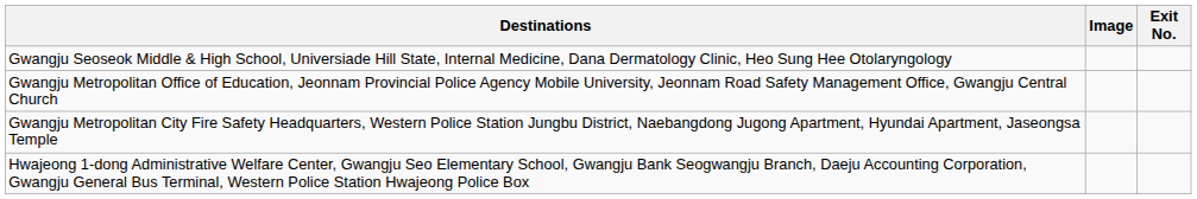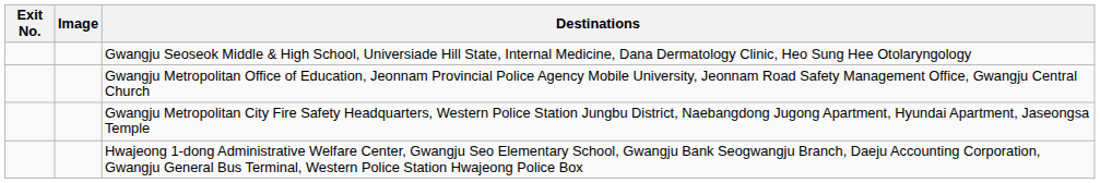 <table class="wikitable">
 <tr>
+<th>Exit No.</th>
+<th>Image</th>
 <th>Destinations</th>
-<th>Image</th>
-<th>Exit No.</th>
 </tr>
 <tr>
-<td>Gwangju Seoseok Middle & High School, Universiade Hill State, Internal Medicine, Dana Dermatology Clinic, Heo Sung Hee Otolaryngology</td>
 <td></td>
 <td></td>
+<td>Gwangju Seoseok Middle & High School, Universiade Hill State, Internal Medicine, Dana Dermatology Clinic, Heo Sung Hee Otolaryngology</td>
 </tr>
 <tr>
-<td>Gwangju Metropolitan Office of Education, Jeonnam Provincial Police Agency Mobile University, Jeonnam Road Safety Management Office, Gwangju Central Church</td>
 <td></td>
 <td></td>
+<td>Gwangju Metropolitan Office of Education, Jeonnam Provincial Police Agency Mobile University, Jeonnam Road Safety Management Office, Gwangju Central Church</td>
 </tr>
 <tr>
-<td>Gwangju Metropolitan City Fire Safety Headquarters, Western Police Station Jungbu District, Naebangdong Jugong Apartment, Hyundai Apartment, Jaseongsa Temple</td>
 <td></td>
 <td></td>
+<td>Gwangju Metropolitan City Fire Safety Headquarters, Western Police Station Jungbu District, Naebangdong Jugong Apartment, Hyundai Apartment, Jaseongsa Temple</td>
 </tr>
 <tr>
-<td>Hwajeong 1-dong Administrative Welfare Center, Gwangju Seo Elementary School, Gwangju Bank Seogwangju Branch, Daeju Accounting Corporation, Gwangju General Bus Terminal, Western Police Station Hwajeong Police Box</td>
 <td></td>
 <td></td>
+<td>Hwajeong 1-dong Administrative Welfare Center, Gwangju Seo Elementary School, Gwangju Bank Seogwangju Branch, Daeju Accounting Corporation, Gwangju General Bus Terminal, Western Police Station Hwajeong Police Box</td>
 </tr>
 </table>
